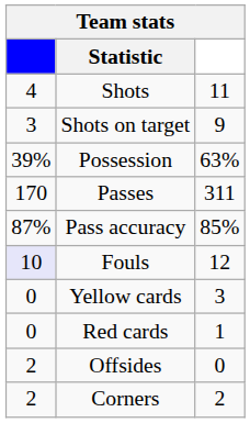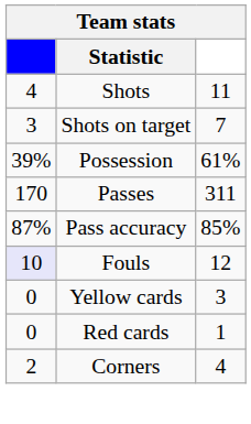 <table class="wikitable" style="margin-left: auto; margin-right: auto; border: none; text-align:center;">
 <tr>
 <th colspan=3>Team stats</th>
 </tr>
 <tr>
 <th style="background: #0000FF; color: #FFFFFF;"> <a href='#'></a></th>
 <th>Statistic</th>
 <th style="background: #FFFFFF; color: #e4007c;"> <a href='#'></a></th>
 </tr>
 <tr>
 <td>4</td>
 <td>Shots</td>
 <td>11</td>
 </tr>
 <tr>
 <td>3</td>
 <td>Shots on target</td>
-<td>9</td>
+<td>7</td>
 </tr>
 <tr>
 <td>39%</td>
 <td>Possession</td>
-<td>63%</td>
+<td>61%</td>
 </tr>
 <tr>
 <td>170</td>
 <td>Passes</td>
 <td>311</td>
 </tr>
 <tr>
 <td>87%</td>
 <td>Pass accuracy</td>
 <td>85%</td>
 </tr>
 <tr>
 <td style="background: lavender;">10</td>
 <td>Fouls</td>
 <td>12</td>
 </tr>
 <tr>
 <td>0</td>
 <td>Yellow cards</td>
 <td>3</td>
 </tr>
 <tr>
 <td>0</td>
 <td>Red cards</td>
 <td>1</td>
 </tr>
 <tr>
 <td>2</td>
-<td>Offsides</td>
-<td>0</td>
-</tr>
-<tr>
-<td>2</td>
 <td>Corners</td>
-<td>2</td>
+<td>4</td>
 </tr>
 </table>
